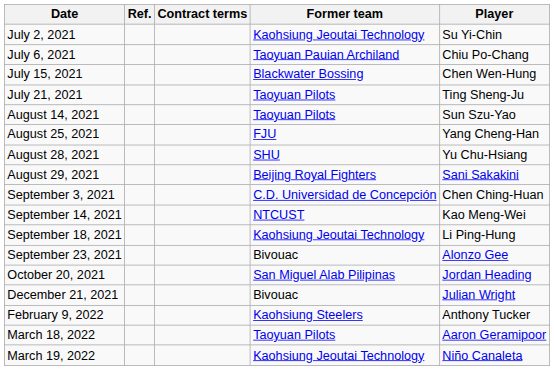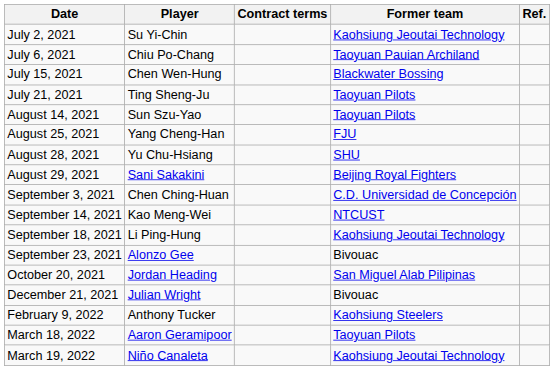 <table class="wikitable">
 <tr>
 <th>Date</th>
-<th>Ref.</th>
+<th>Player</th>
 <th>Contract terms</th>
 <th>Former team</th>
-<th>Player</th>
+<th>Ref.</th>
 </tr>
 <tr>
 <td>July 2, 2021</td>
-<td></td>
+<td>Su Yi-Chin</td>
 <td></td>
 <td> <a href='#'>Kaohsiung Jeoutai Technology</a></td>
-<td>Su Yi-Chin</td>
+<td></td>
 </tr>
 <tr>
 <td>July 6, 2021</td>
-<td></td>
+<td>Chiu Po-Chang</td>
 <td></td>
 <td> <a href='#'>Taoyuan Pauian Archiland</a></td>
-<td>Chiu Po-Chang</td>
+<td></td>
 </tr>
 <tr>
 <td>July 15, 2021</td>
-<td></td>
+<td>Chen Wen-Hung</td>
 <td></td>
 <td> <a href='#'>Blackwater Bossing</a></td>
-<td>Chen Wen-Hung</td>
+<td></td>
 </tr>
 <tr>
 <td>July 21, 2021</td>
-<td></td>
+<td>Ting Sheng-Ju</td>
 <td></td>
 <td> <a href='#'>Taoyuan Pilots</a></td>
-<td>Ting Sheng-Ju</td>
+<td></td>
 </tr>
 <tr>
 <td>August 14, 2021</td>
-<td></td>
+<td>Sun Szu-Yao</td>
 <td></td>
 <td> <a href='#'>Taoyuan Pilots</a></td>
-<td>Sun Szu-Yao</td>
+<td></td>
 </tr>
 <tr>
 <td>August 25, 2021</td>
-<td></td>
+<td>Yang Cheng-Han</td>
 <td></td>
 <td> <a href='#'>FJU</a></td>
-<td>Yang Cheng-Han</td>
+<td></td>
 </tr>
 <tr>
 <td>August 28, 2021</td>
-<td></td>
+<td>Yu Chu-Hsiang</td>
 <td></td>
 <td> <a href='#'>SHU</a></td>
-<td>Yu Chu-Hsiang</td>
+<td></td>
 </tr>
 <tr>
 <td>August 29, 2021</td>
-<td></td>
+<td><a href='#'>Sani Sakakini</a></td>
 <td></td>
 <td> <a href='#'>Beijing Royal Fighters</a></td>
-<td><a href='#'>Sani Sakakini</a></td>
+<td></td>
 </tr>
 <tr>
 <td>September 3, 2021</td>
-<td></td>
+<td>Chen Ching-Huan</td>
 <td></td>
 <td> <a href='#'>C.D. Universidad de Concepción</a></td>
-<td>Chen Ching-Huan</td>
+<td></td>
 </tr>
 <tr>
 <td>September 14, 2021</td>
-<td></td>
+<td>Kao Meng-Wei</td>
 <td></td>
 <td> <a href='#'>NTCUST</a></td>
-<td>Kao Meng-Wei</td>
+<td></td>
 </tr>
 <tr>
 <td>September 18, 2021</td>
-<td></td>
+<td>Li Ping-Hung</td>
 <td></td>
 <td> <a href='#'>Kaohsiung Jeoutai Technology</a></td>
-<td>Li Ping-Hung</td>
+<td></td>
 </tr>
 <tr>
 <td>September 23, 2021</td>
-<td></td>
+<td><a href='#'>Alonzo Gee</a></td>
 <td></td>
 <td> Bivouac</td>
-<td><a href='#'>Alonzo Gee</a></td>
+<td></td>
 </tr>
 <tr>
 <td>October 20, 2021</td>
-<td></td>
+<td><a href='#'>Jordan Heading</a></td>
 <td></td>
 <td> <a href='#'>San Miguel Alab Pilipinas</a></td>
-<td><a href='#'>Jordan Heading</a></td>
+<td></td>
 </tr>
 <tr>
 <td>December 21, 2021</td>
-<td></td>
+<td><a href='#'>Julian Wright</a></td>
 <td></td>
 <td> Bivouac</td>
-<td><a href='#'>Julian Wright</a></td>
+<td></td>
 </tr>
 <tr>
 <td>February 9, 2022</td>
-<td></td>
+<td>Anthony Tucker</td>
 <td></td>
 <td> <a href='#'>Kaohsiung Steelers</a></td>
-<td>Anthony Tucker</td>
+<td></td>
 </tr>
 <tr>
 <td>March 18, 2022</td>
-<td></td>
+<td><a href='#'>Aaron Geramipoor</a></td>
 <td></td>
 <td> <a href='#'>Taoyuan Pilots</a></td>
-<td><a href='#'>Aaron Geramipoor</a></td>
+<td></td>
 </tr>
 <tr>
 <td>March 19, 2022</td>
-<td></td>
+<td><a href='#'>Niño Canaleta</a></td>
 <td></td>
 <td> <a href='#'>Kaohsiung Jeoutai Technology</a></td>
-<td><a href='#'>Niño Canaleta</a></td>
+<td></td>
 </tr>
 </table>
